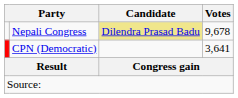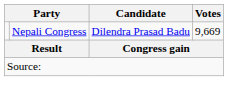 <table class="wikitable">
 <tr>
 <th colspan="2">Party</th>
 <th>Candidate</th>
 <th>Votes</th>
 </tr>
 <tr>
 <td style="background-color:"></td>
 <td><a href='#'>Nepali Congress</a></td>
-<td style="background: khaki;"><a href='#'>Dilendra Prasad Badu</a></td>
-<td>9,678</td>
-</tr>
-<tr>
-<td style="background-color:red"></td>
-<td><a href='#'>CPN (Democratic)</a></td>
-<td></td>
-<td>3,641</td>
+<td><a href='#'>Dilendra Prasad Badu</a></td>
+<td>9,669</td>
 </tr>
 <tr>
 <th colspan="2">Result</th>
 <th colspan="2">Congress gain</th>
 </tr>
 <tr>
 <td colspan="4">Source: </td>
 </tr>
 </table>
